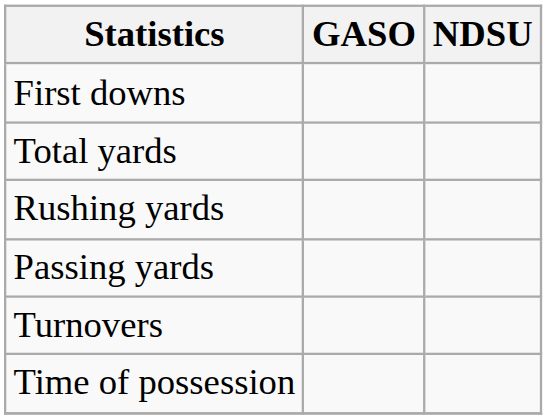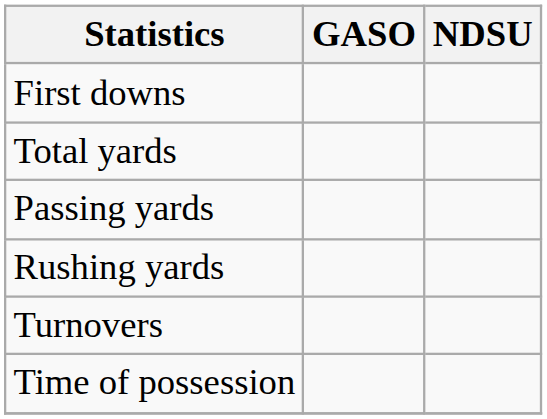 <table class="wikitable" style="float: left;">
 <tr>
 <th>Statistics</th>
 <th>GASO</th>
 <th>NDSU</th>
 </tr>
 <tr>
 <td>First downs</td>
 <td></td>
 <td></td>
 </tr>
 <tr>
 <td>Total yards</td>
 <td></td>
 <td></td>
 </tr>
 <tr>
-<td>Rushing yards</td>
+<td>Passing yards</td>
 <td></td>
 <td></td>
 </tr>
 <tr>
-<td>Passing yards</td>
+<td>Rushing yards</td>
 <td></td>
 <td></td>
 </tr>
 <tr>
 <td>Turnovers</td>
 <td></td>
 <td></td>
 </tr>
 <tr>
 <td>Time of possession</td>
 <td></td>
 <td></td>
 </tr>
 <tr>
 </tr>
 </table>
